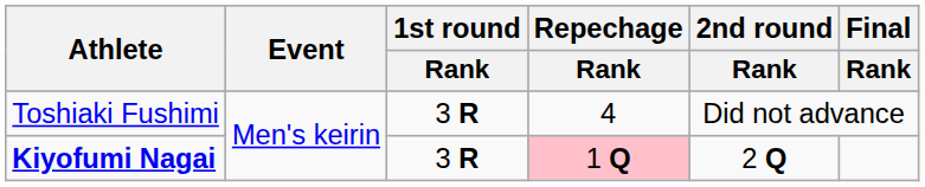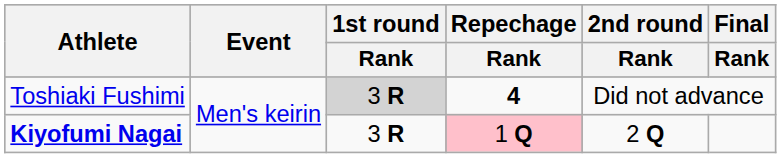 <table class="wikitable" style="font-size:90%;">
 <tr>
 <th rowspan="2">Athlete</th>
 <th rowspan="2">Event</th>
 <th>1st round</th>
 <th>Repechage</th>
 <th>2nd round</th>
 <th>Final</th>
 </tr>
 <tr style="font-size:95%">
 <th>Rank</th>
 <th>Rank</th>
 <th>Rank</th>
 <th>Rank</th>
 </tr>
 <tr align=center>
 <td align=left><a href='#'>Toshiaki Fushimi</a></td>
 <td align=left rowspan=2><a href='#'>Men's keirin</a></td>
-<td>3 <strong>R</strong></td>
-<td>4</td>
+<td style="background: lightgrey;">3 <strong>R</strong></td>
+<td><strong>4</strong></td>
 <td colspan=2>Did not advance</td>
 </tr>
 <tr align=center>
 <td align=left><strong><a href='#'>Kiyofumi Nagai</a></strong></td>
 <td>3 <strong>R</strong></td>
 <td style="background: pink;">1 <strong>Q</strong></td>
 <td>2 <strong>Q</strong></td>
 <td></td>
 </tr>
 </table>
